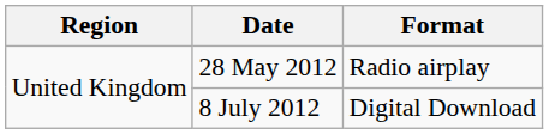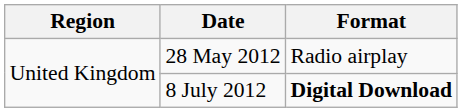 <table class=wikitable>
 <tr>
 <th>Region</th>
 <th>Date</th>
 <th>Format</th>
 </tr>
 <tr>
 <td rowspan="2">United Kingdom</td>
 <td>28 May 2012</td>
 <td>Radio airplay</td>
 </tr>
 <tr>
 <td>8 July 2012</td>
-<td>Digital Download</td>
+<td><strong>Digital Download</strong></td>
 </tr>
 </table>
